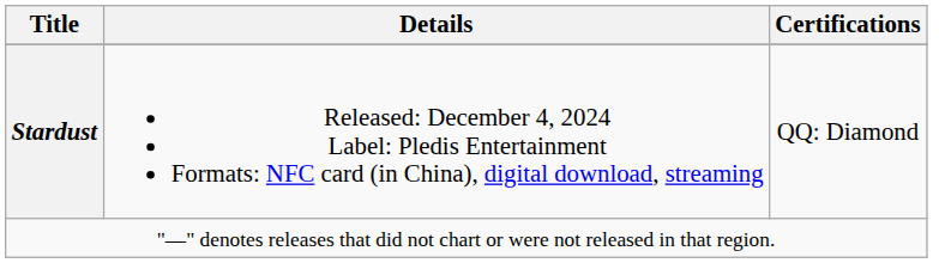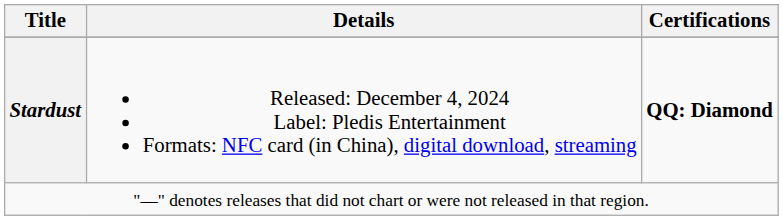 <table class="wikitable plainrowheaders" style="text-align:center">
 <tr>
 <th scope="col">Title</th>
 <th scope="col">Details</th>
 <th scope="col">Certifications</th>
 </tr>
 <tr>
 </tr>
 <tr>
 <th scope="row"><em>Stardust</em></th>
 <td><br><ul><li>Released: December 4, 2024</li><li>Label: Pledis Entertainment</li><li>Formats: <a href='#'>NFC</a> card (in China), <a href='#'>digital download</a>, <a href='#'>streaming</a></li></ul></td>
-<td>QQ: Diamond</td>
+<td><strong>QQ: Diamond</strong></td>
 </tr>
 <tr>
 <td colspan="3"><small>"—" denotes releases that did not chart or were not released in that region.</small></td>
 </tr>
 </table>
